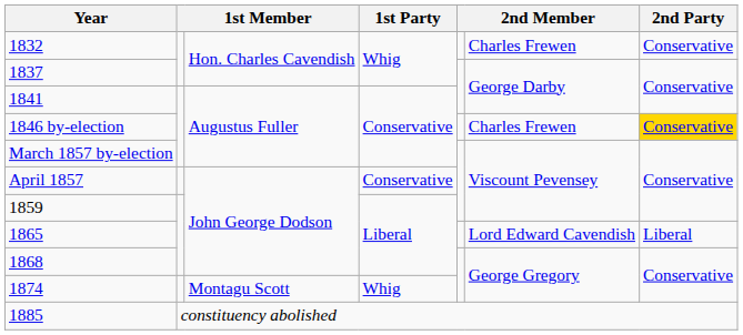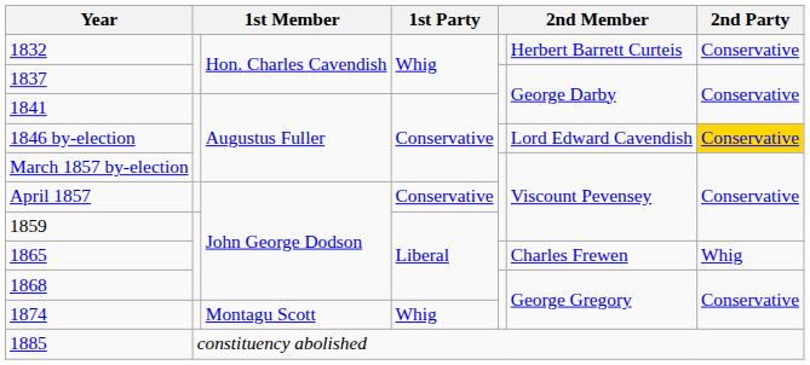 <table class="wikitable">
 <tr>
 <th>Year</th>
 <th colspan="2">1st Member</th>
 <th>1st Party</th>
 <th colspan="2">2nd Member</th>
 <th>2nd Party</th>
 </tr>
 <tr>
 <td><a href='#'>1832</a></td>
 <td rowspan="2" style="color:inherit;background-color: "></td>
 <td rowspan="2"><a href='#'>Hon. Charles Cavendish</a></td>
 <td rowspan="2"><a href='#'>Whig</a></td>
 <td style="color:inherit;background-color: "></td>
-<td><a href='#'>Charles Frewen</a></td>
+<td><a href='#'>Herbert Barrett Curteis</a></td>
 <td><a href='#'>Conservative</a></td>
 </tr>
 <tr>
 <td><a href='#'>1837</a></td>
 <td rowspan="2" style="color:inherit;background-color: "></td>
 <td rowspan="2"><a href='#'>George Darby</a></td>
 <td rowspan="2"><a href='#'>Conservative</a></td>
 </tr>
 <tr>
 <td><a href='#'>1841</a></td>
 <td rowspan="3" style="color:inherit;background-color: "></td>
 <td rowspan="3"><a href='#'>Augustus Fuller</a></td>
 <td rowspan="3"><a href='#'>Conservative</a></td>
 </tr>
 <tr>
 <td><a href='#'>1846 by-election</a></td>
 <td style="color:inherit;background-color: "></td>
-<td><a href='#'>Charles Frewen</a></td>
+<td><a href='#'>Lord Edward Cavendish</a></td>
 <td style="background: gold;"><a href='#'>Conservative</a></td>
 </tr>
 <tr>
 <td><a href='#'>March 1857 by-election</a></td>
 <td rowspan="3" style="color:inherit;background-color: "></td>
 <td rowspan="3"><a href='#'>Viscount Pevensey</a></td>
 <td rowspan="3"><a href='#'>Conservative</a></td>
 </tr>
 <tr>
 <td><a href='#'>April 1857</a></td>
 <td style="color:inherit;background-color: "></td>
 <td rowspan="4"><a href='#'>John George Dodson</a></td>
 <td><a href='#'>Conservative</a></td>
 </tr>
 <tr>
 <td>1859</td>
 <td rowspan="3" style="color:inherit;background-color: "></td>
 <td rowspan="3"><a href='#'>Liberal</a></td>
 </tr>
 <tr>
 <td><a href='#'>1865</a></td>
 <td style="color:inherit;background-color: "></td>
-<td><a href='#'>Lord Edward Cavendish</a></td>
-<td><a href='#'>Liberal</a></td>
+<td><a href='#'>Charles Frewen</a></td>
+<td><a href='#'>Whig</a></td>
 </tr>
 <tr>
 <td><a href='#'>1868</a></td>
 <td rowspan="2" style="color:inherit;background-color: "></td>
 <td rowspan="2"><a href='#'>George Gregory</a></td>
 <td rowspan="2"><a href='#'>Conservative</a></td>
 </tr>
 <tr>
 <td><a href='#'>1874</a></td>
 <td style="color:inherit;background-color: "></td>
 <td><a href='#'>Montagu Scott</a></td>
 <td><a href='#'>Whig</a></td>
 </tr>
 <tr>
 <td><a href='#'>1885</a></td>
 <td colspan="6"><em>constituency abolished</em></td>
 </tr>
 </table>
